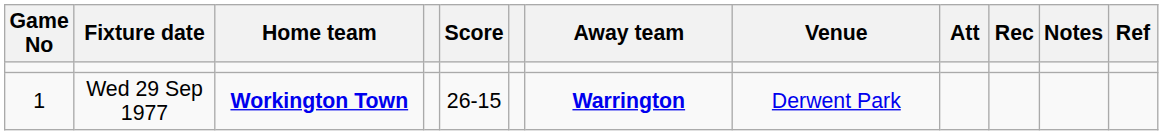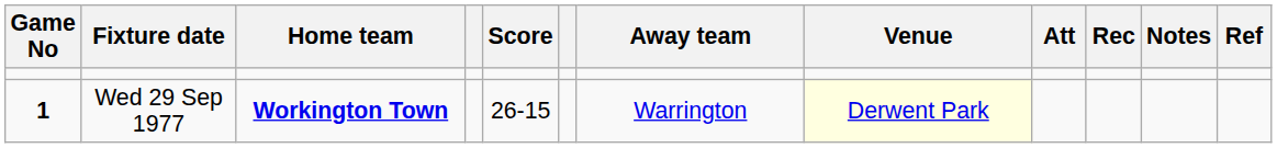 <table class="wikitable" style="text-align:center;">
 <tr>
 <th width=20 abbr="No">Game No</th>
 <th width=100 abbr="Date">Fixture date</th>
 <th width=150 abbr="Home team">Home team</th>
 <th width=5 abbr="space"></th>
 <th width=20 abbr="Score">Score</th>
 <th width=5 abbr="space"></th>
 <th width=150 abbr="Away team">Away team</th>
 <th width=150 abbr="Venue">Venue</th>
 <th width=30 abbr="Att">Att</th>
 <th width=30 abbr="Rec">Rec</th>
 <th width=20 abbr="Notes">Notes</th>
 <th width=30 abbr="Ref">Ref</th>
 </tr>
 <tr>
 <td></td>
 <td></td>
 <td></td>
 <td></td>
 <td></td>
 <td></td>
 <td></td>
 <td></td>
 <td></td>
 <td></td>
 <td></td>
 </tr>
 <tr>
-<td>1</td>
+<td><strong>1</strong></td>
 <td>Wed 29 Sep 1977</td>
 <td><strong><a href='#'>Workington Town</a></strong></td>
 <td></td>
 <td>26-15</td>
 <td></td>
-<td><strong><a href='#'>Warrington</a></strong></td>
-<td><a href='#'>Derwent Park</a></td>
+<td><a href='#'>Warrington</a></td>
+<td style="background: lightyellow;"><a href='#'>Derwent Park</a></td>
 <td></td>
 <td></td>
 <td></td>
 <td></td>
 </tr>
 </table>
